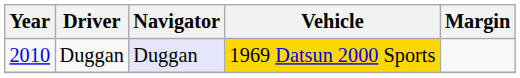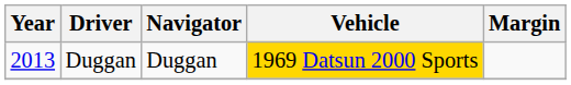 <table class="wikitable sortable" style="font-size: 90%;">
 <tr>
 <th>Year</th>
 <th>Driver</th>
 <th>Navigator</th>
 <th>Vehicle</th>
 <th>Margin</th>
 </tr>
 <tr>
-<td><a href='#'>2010</a></td>
+<td><a href='#'>2013</a></td>
 <td> Duggan</td>
-<td style="background: lavender;">Duggan</td>
+<td>Duggan</td>
 <td style="background: gold;">1969 <a href='#'>Datsun 2000</a> Sports</td>
 <td></td>
 </tr>
 <tr>
 </tr>
 </table>
